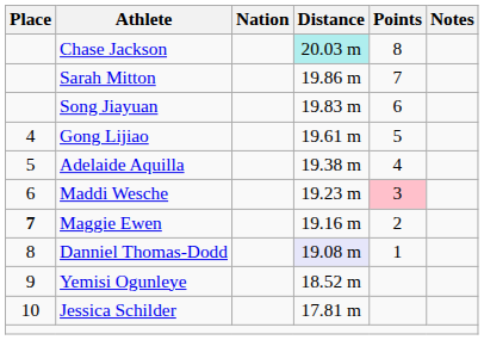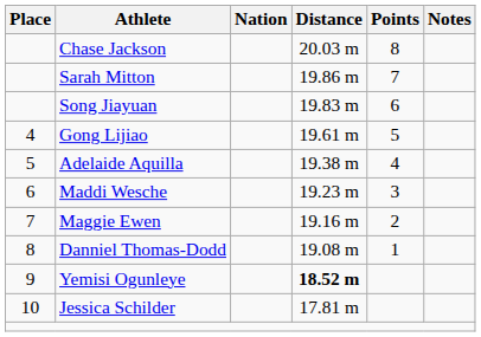 <table class="wikitable mw-datatable sortable" style="text-align:center;">
 <tr>
 <th scope="col">Place</th>
 <th scope="col">Athlete</th>
 <th scope="col">Nation</th>
 <th scope="col">Distance</th>
 <th scope="col">Points</th>
 <th scope="col">Notes</th>
 </tr>
 <tr>
 <td></td>
 <td align="left"><a href='#'>Chase Jackson</a></td>
 <td align="left"></td>
-<td style="background: paleturquoise;">20.03 m</td>
+<td>20.03 m</td>
 <td>8</td>
 <td></td>
 </tr>
 <tr>
 <td></td>
 <td align="left"><a href='#'>Sarah Mitton</a></td>
 <td align="left"></td>
 <td>19.86 m</td>
 <td>7</td>
 <td></td>
 </tr>
 <tr>
 <td></td>
 <td align="left"><a href='#'>Song Jiayuan</a></td>
 <td align="left"></td>
 <td>19.83 m</td>
 <td>6</td>
 <td></td>
 </tr>
 <tr>
 <td>4</td>
 <td align="left"><a href='#'>Gong Lijiao</a></td>
 <td align="left"></td>
 <td>19.61 m</td>
 <td>5</td>
 <td></td>
 </tr>
 <tr>
 <td>5</td>
 <td align="left"><a href='#'>Adelaide Aquilla</a></td>
 <td align="left"></td>
 <td>19.38 m</td>
 <td>4</td>
 <td></td>
 </tr>
 <tr>
 <td>6</td>
 <td align="left"><a href='#'>Maddi Wesche</a></td>
 <td align="left"></td>
 <td>19.23 m</td>
-<td style="background: pink;">3</td>
+<td>3</td>
 <td></td>
 </tr>
 <tr>
-<td><strong>7</strong></td>
+<td>7</td>
 <td align="left"><a href='#'>Maggie Ewen</a></td>
 <td align="left"></td>
 <td>19.16 m</td>
 <td>2</td>
 <td></td>
 </tr>
 <tr>
 <td>8</td>
 <td align="left"><a href='#'>Danniel Thomas-Dodd</a></td>
 <td align="left"></td>
-<td style="background: lavender;">19.08 m</td>
+<td>19.08 m</td>
 <td>1</td>
 <td></td>
 </tr>
 <tr>
 <td>9</td>
 <td align="left"><a href='#'>Yemisi Ogunleye</a></td>
 <td align="left"></td>
-<td>18.52 m</td>
+<td><strong>18.52 m</strong></td>
 <td></td>
 <td></td>
 </tr>
 <tr>
 <td>10</td>
 <td align="left"><a href='#'>Jessica Schilder</a></td>
 <td align="left"></td>
 <td>17.81 m</td>
 <td></td>
 <td></td>
 </tr>
 <tr class="sortbottom">
 <td colspan="6"></td>
 </tr>
 </table>
